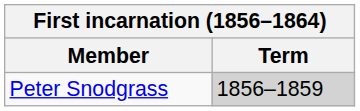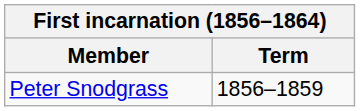 <table class="wikitable">
 <tr>
 <th colspan="4">    First incarnation  (1856–1864)    </th>
 </tr>
 <tr>
 <th>Member</th>
 <th>Term</th>
 </tr>
 <tr>
 <td><a href='#'>Peter Snodgrass</a></td>
-<td style="background: lightgrey;">1856–1859</td>
+<td>1856–1859</td>
 </tr>
 </table>
